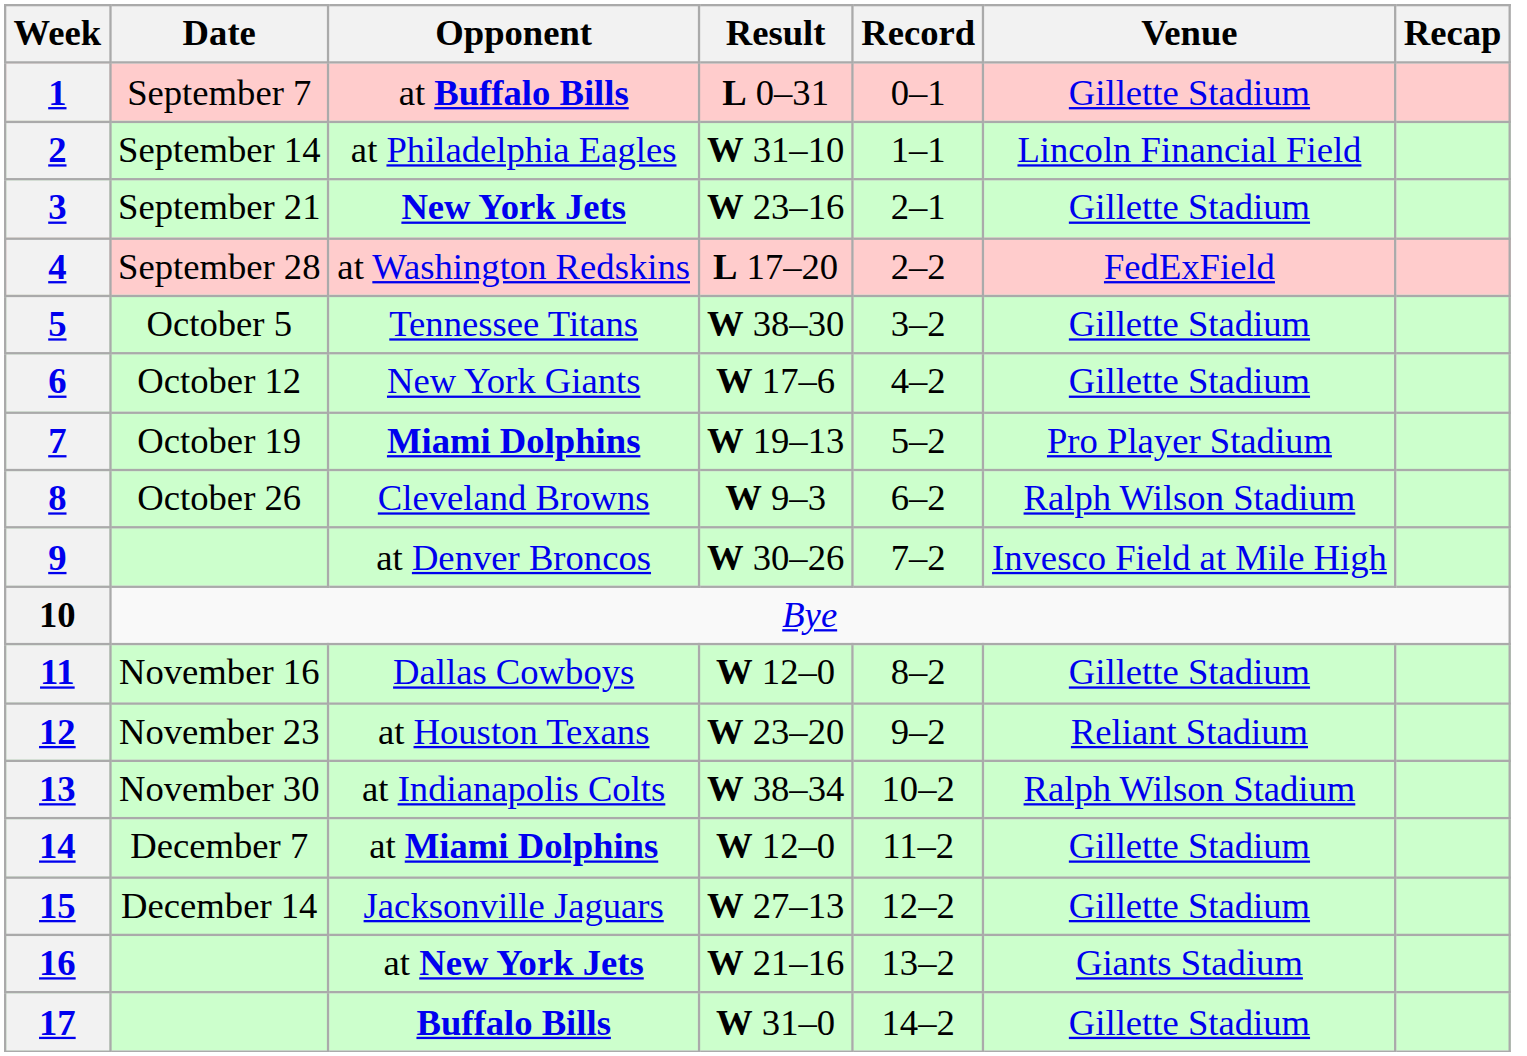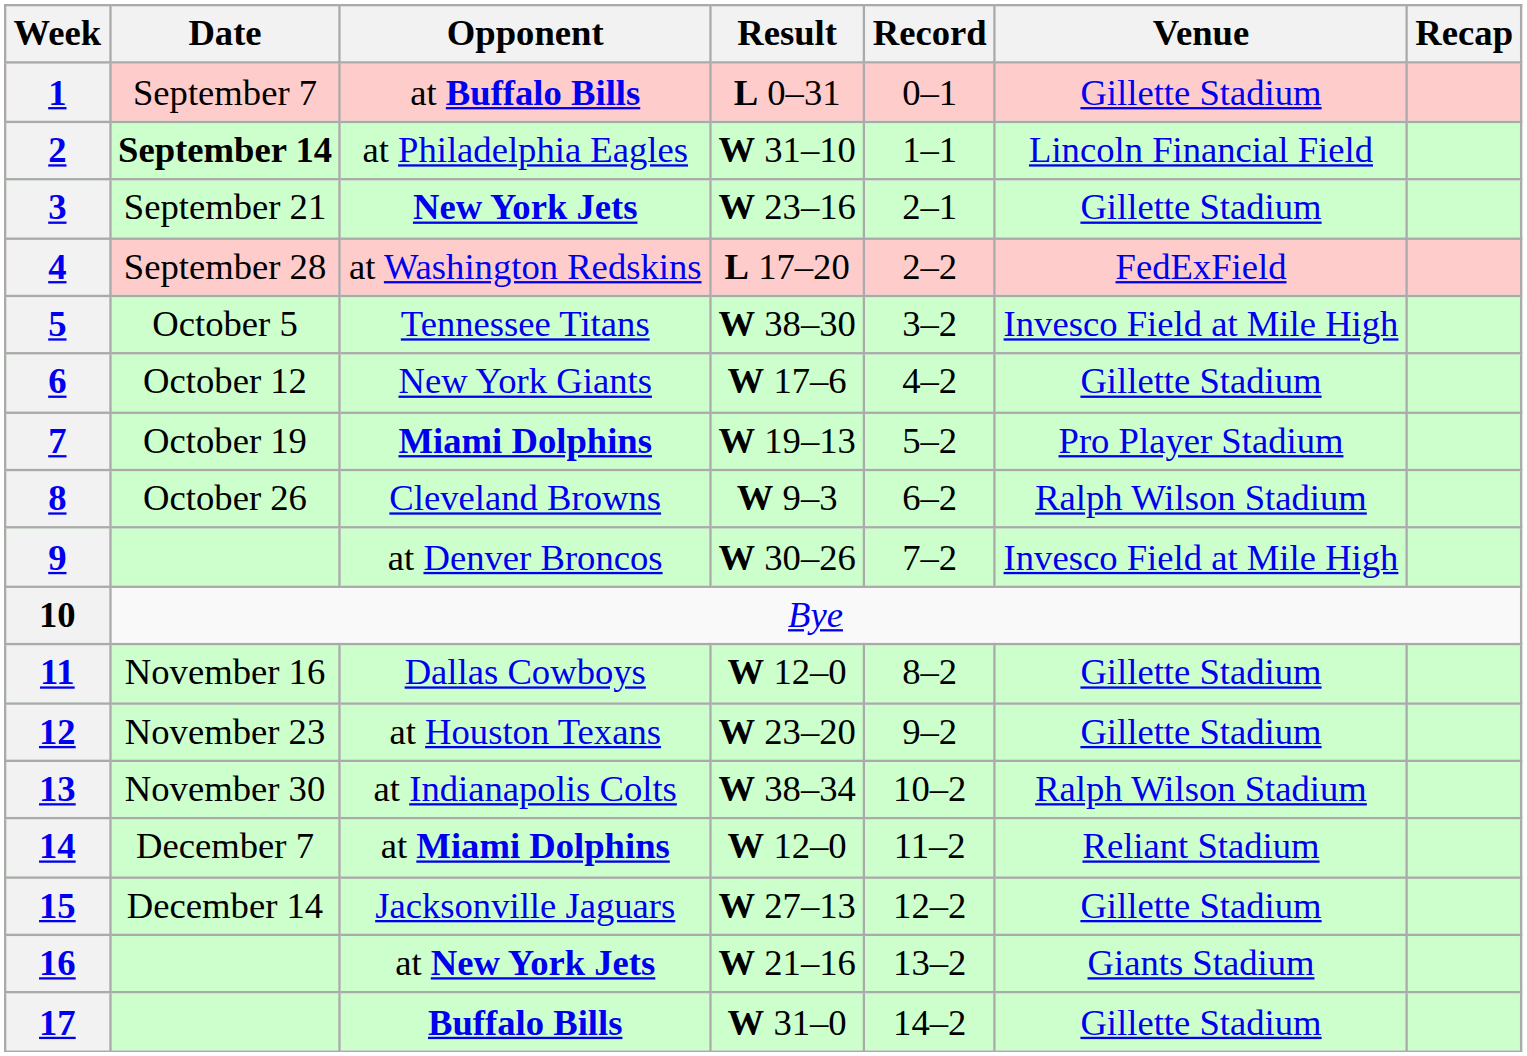 <table class="wikitable" style="text-align:center">
 <tr>
 <th>Week</th>
 <th>Date</th>
 <th>Opponent</th>
 <th>Result</th>
 <th>Record</th>
 <th>Venue</th>
 <th>Recap</th>
 </tr>
 <tr style="background: #fcc;">
 <th><a href='#'>1</a></th>
 <td>September 7</td>
 <td>at <strong><a href='#'>Buffalo Bills</a></strong></td>
 <td><strong>L</strong> 0–31</td>
 <td>0–1</td>
 <td><a href='#'>Gillette Stadium</a></td>
 <td></td>
 </tr>
 <tr style="background: #cfc;">
 <th><a href='#'>2</a></th>
-<td>September 14</td>
+<td><strong>September 14</strong></td>
 <td>at <a href='#'>Philadelphia Eagles</a></td>
 <td><strong>W</strong> 31–10</td>
 <td>1–1</td>
 <td><a href='#'>Lincoln Financial Field</a></td>
 <td></td>
 </tr>
 <tr style="background: #cfc;">
 <th><a href='#'>3</a></th>
 <td>September 21</td>
 <td><strong><a href='#'>New York Jets</a></strong></td>
 <td><strong>W</strong> 23–16</td>
 <td>2–1</td>
 <td><a href='#'>Gillette Stadium</a></td>
 <td></td>
 </tr>
 <tr style="background: #fcc;">
 <th><a href='#'>4</a></th>
 <td>September 28</td>
 <td>at <a href='#'>Washington Redskins</a></td>
 <td><strong>L</strong> 17–20</td>
 <td>2–2</td>
 <td><a href='#'>FedExField</a></td>
 <td></td>
 </tr>
 <tr style="background: #cfc;">
 <th><a href='#'>5</a></th>
 <td>October 5</td>
 <td><a href='#'>Tennessee Titans</a></td>
 <td><strong>W</strong> 38–30</td>
 <td>3–2</td>
-<td><a href='#'>Gillette Stadium</a></td>
+<td><a href='#'>Invesco Field at Mile High</a></td>
 <td></td>
 </tr>
 <tr style="background: #cfc;">
 <th><a href='#'>6</a></th>
 <td>October 12</td>
 <td><a href='#'>New York Giants</a></td>
 <td><strong>W</strong> 17–6</td>
 <td>4–2</td>
 <td><a href='#'>Gillette Stadium</a></td>
 <td></td>
 </tr>
 <tr style="background: #cfc;">
 <th><a href='#'>7</a></th>
 <td>October 19</td>
 <td><strong><a href='#'>Miami Dolphins</a></strong></td>
 <td><strong>W</strong> 19–13 </td>
 <td>5–2</td>
 <td><a href='#'>Pro Player Stadium</a></td>
 <td></td>
 </tr>
 <tr style="background: #cfc;">
 <th><a href='#'>8</a></th>
 <td>October 26</td>
 <td><a href='#'>Cleveland Browns</a></td>
 <td><strong>W</strong> 9–3</td>
 <td>6–2</td>
 <td><a href='#'>Ralph Wilson Stadium</a></td>
 <td></td>
 </tr>
 <tr style="background: #cfc;">
 <th><a href='#'>9</a></th>
 <td></td>
 <td>at <a href='#'>Denver Broncos</a></td>
 <td><strong>W</strong> 30–26</td>
 <td>7–2</td>
 <td><a href='#'>Invesco Field at Mile High</a></td>
 <td></td>
 </tr>
 <tr align="center">
 <th>10</th>
 <td colspan="8" align="center"><em><a href='#'>Bye</a></em></td>
 </tr>
 <tr style="background: #cfc;">
 <th><a href='#'>11</a></th>
 <td>November 16</td>
 <td><a href='#'>Dallas Cowboys</a></td>
 <td><strong>W</strong> 12–0</td>
 <td>8–2</td>
 <td><a href='#'>Gillette Stadium</a></td>
 <td></td>
 </tr>
 <tr style="background: #cfc;">
 <th><a href='#'>12</a></th>
 <td>November 23</td>
 <td>at <a href='#'>Houston Texans</a></td>
 <td><strong>W</strong> 23–20 </td>
 <td>9–2</td>
-<td><a href='#'>Reliant Stadium</a></td>
+<td><a href='#'>Gillette Stadium</a></td>
 <td></td>
 </tr>
 <tr style="background: #cfc;">
 <th><a href='#'>13</a></th>
 <td>November 30</td>
 <td>at <a href='#'>Indianapolis Colts</a></td>
 <td><strong>W</strong> 38–34</td>
 <td>10–2</td>
 <td><a href='#'>Ralph Wilson Stadium</a></td>
 <td></td>
 </tr>
 <tr style="background: #cfc;">
 <th><a href='#'>14</a></th>
 <td>December 7</td>
 <td>at <strong><a href='#'>Miami Dolphins</a></strong></td>
 <td><strong>W</strong> 12–0</td>
 <td>11–2</td>
-<td><a href='#'>Gillette Stadium</a></td>
+<td><a href='#'>Reliant Stadium</a></td>
 <td></td>
 </tr>
 <tr style="background: #cfc;">
 <th><a href='#'>15</a></th>
 <td>December 14</td>
 <td><a href='#'>Jacksonville Jaguars</a></td>
 <td><strong>W</strong> 27–13</td>
 <td>12–2</td>
 <td><a href='#'>Gillette Stadium</a></td>
 <td></td>
 </tr>
 <tr style="background: #cfc;">
 <th><a href='#'>16</a></th>
 <td></td>
 <td>at <strong><a href='#'>New York Jets</a></strong></td>
 <td><strong>W</strong> 21–16</td>
 <td>13–2</td>
 <td><a href='#'>Giants Stadium</a></td>
 <td></td>
 </tr>
 <tr style="background: #cfc;">
 <th><a href='#'>17</a></th>
 <td></td>
 <td><strong><a href='#'>Buffalo Bills</a></strong></td>
 <td><strong>W</strong> 31–0</td>
 <td>14–2</td>
 <td><a href='#'>Gillette Stadium</a></td>
 <td></td>
 </tr>
 </table>
